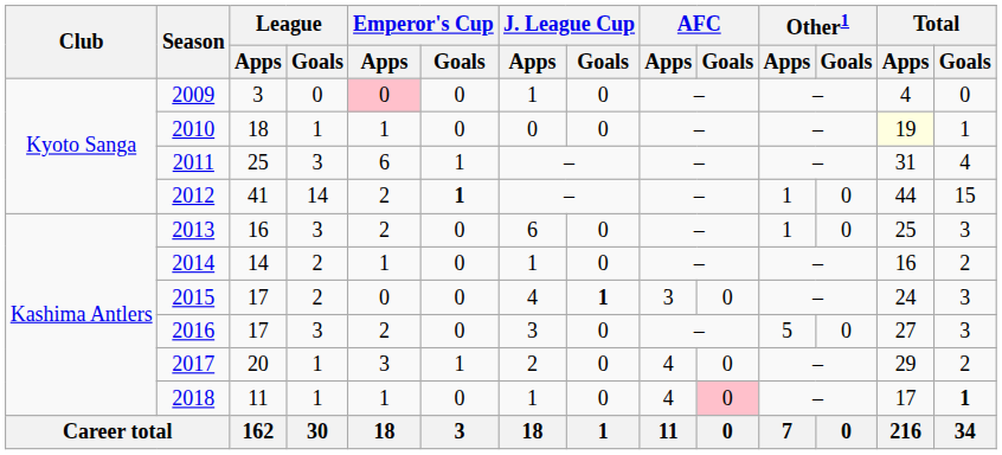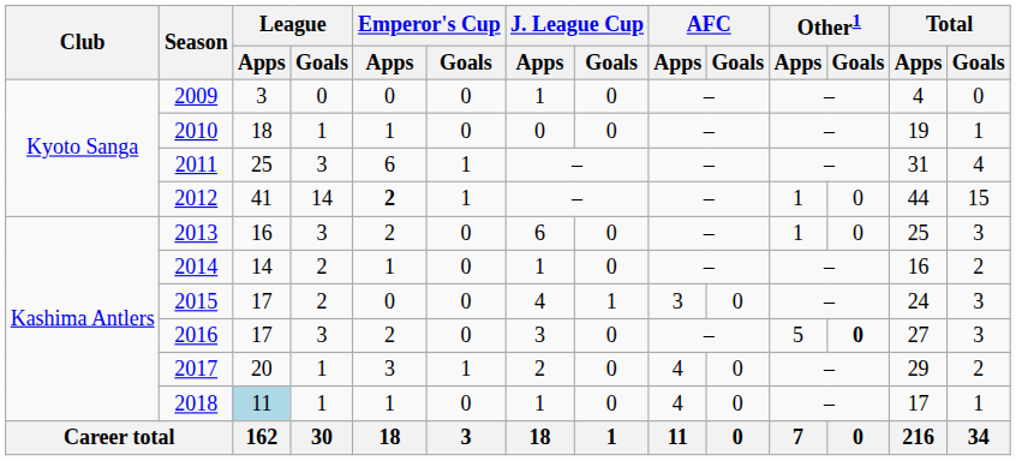 <table class="wikitable" style="text-align:center;">
 <tr>
 <th rowspan="2">Club</th>
 <th rowspan="2">Season</th>
 <th colspan="2">League</th>
 <th colspan="2"><a href='#'>Emperor's Cup</a></th>
 <th colspan="2"><a href='#'>J. League Cup</a></th>
 <th colspan="2"><a href='#'>AFC</a></th>
 <th colspan="2">Other<sup><a href='#'>1</a></sup></th>
 <th colspan="2">Total</th>
 </tr>
 <tr>
 <th>Apps</th>
 <th>Goals</th>
 <th>Apps</th>
 <th>Goals</th>
 <th>Apps</th>
 <th>Goals</th>
 <th>Apps</th>
 <th>Goals</th>
 <th>Apps</th>
 <th>Goals</th>
 <th>Apps</th>
 <th>Goals</th>
 </tr>
 <tr>
 <td rowspan="4"><a href='#'>Kyoto Sanga</a></td>
 <td><a href='#'>2009</a></td>
 <td>3</td>
 <td>0</td>
-<td style="background: pink;">0</td>
+<td>0</td>
 <td>0</td>
 <td>1</td>
 <td>0</td>
 <td colspan="2">–</td>
 <td colspan="2">–</td>
 <td>4</td>
 <td>0</td>
 </tr>
 <tr>
 <td><a href='#'>2010</a></td>
 <td>18</td>
 <td>1</td>
 <td>1</td>
 <td>0</td>
 <td>0</td>
 <td>0</td>
 <td colspan="2">–</td>
 <td colspan="2">–</td>
-<td style="background: lightyellow;">19</td>
+<td>19</td>
 <td>1</td>
 </tr>
 <tr>
 <td><a href='#'>2011</a></td>
 <td>25</td>
 <td>3</td>
 <td>6</td>
 <td>1</td>
 <td colspan="2">–</td>
 <td colspan="2">–</td>
 <td colspan="2">–</td>
 <td>31</td>
 <td>4</td>
 </tr>
 <tr>
 <td><a href='#'>2012</a></td>
 <td>41</td>
 <td>14</td>
-<td>2</td>
-<td><strong>1</strong></td>
+<td><strong>2</strong></td>
+<td>1</td>
 <td colspan="2">–</td>
 <td colspan="2">–</td>
 <td>1</td>
 <td>0</td>
 <td>44</td>
 <td>15</td>
 </tr>
 <tr>
 <td rowspan="6"><a href='#'>Kashima Antlers</a></td>
 <td><a href='#'>2013</a></td>
 <td>16</td>
 <td>3</td>
 <td>2</td>
 <td>0</td>
 <td>6</td>
 <td>0</td>
 <td colspan="2">–</td>
 <td>1</td>
 <td>0</td>
 <td>25</td>
 <td>3</td>
 </tr>
 <tr>
 <td><a href='#'>2014</a></td>
 <td>14</td>
 <td>2</td>
 <td>1</td>
 <td>0</td>
 <td>1</td>
 <td>0</td>
 <td colspan="2">–</td>
 <td colspan="2">–</td>
 <td>16</td>
 <td>2</td>
 </tr>
 <tr>
 <td><a href='#'>2015</a></td>
 <td>17</td>
 <td>2</td>
 <td>0</td>
 <td>0</td>
 <td>4</td>
-<td><strong>1</strong></td>
+<td>1</td>
 <td>3</td>
 <td>0</td>
 <td colspan="2">–</td>
 <td>24</td>
 <td>3</td>
 </tr>
 <tr>
 <td><a href='#'>2016</a></td>
 <td>17</td>
 <td>3</td>
 <td>2</td>
 <td>0</td>
 <td>3</td>
 <td>0</td>
 <td colspan="2">–</td>
 <td>5</td>
-<td>0</td>
+<td><strong>0</strong></td>
 <td>27</td>
 <td>3</td>
 </tr>
 <tr>
 <td><a href='#'>2017</a></td>
 <td>20</td>
 <td>1</td>
 <td>3</td>
 <td>1</td>
 <td>2</td>
 <td>0</td>
 <td>4</td>
 <td>0</td>
 <td colspan="2">–</td>
 <td>29</td>
 <td>2</td>
 </tr>
 <tr>
 <td><a href='#'>2018</a></td>
-<td>11</td>
+<td style="background: lightblue;">11</td>
 <td>1</td>
 <td>1</td>
 <td>0</td>
 <td>1</td>
 <td>0</td>
 <td>4</td>
-<td style="background: pink;">0</td>
+<td>0</td>
 <td colspan="2">–</td>
 <td>17</td>
-<td><strong>1</strong></td>
+<td>1</td>
 </tr>
 <tr>
 <th colspan="2">Career total</th>
 <th>162</th>
 <th>30</th>
 <th>18</th>
 <th>3</th>
 <th>18</th>
 <th>1</th>
 <th>11</th>
 <th>0</th>
 <th>7</th>
 <th>0</th>
 <th>216</th>
 <th>34</th>
 </tr>
 </table>
